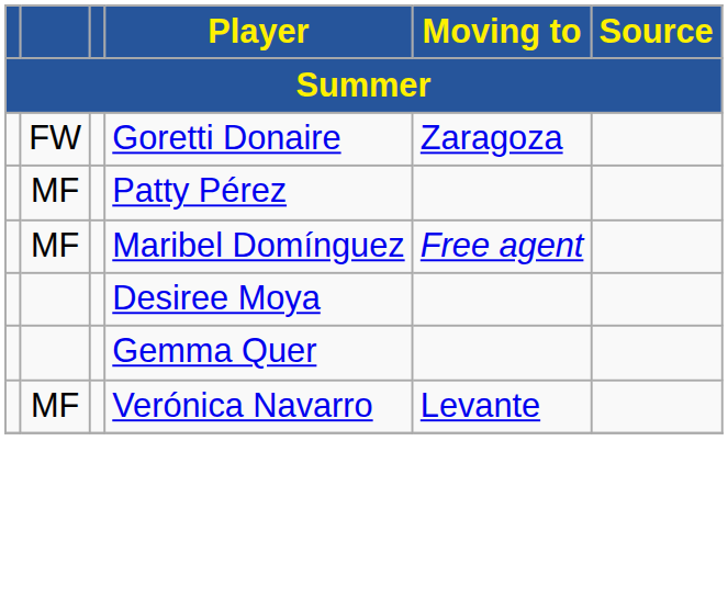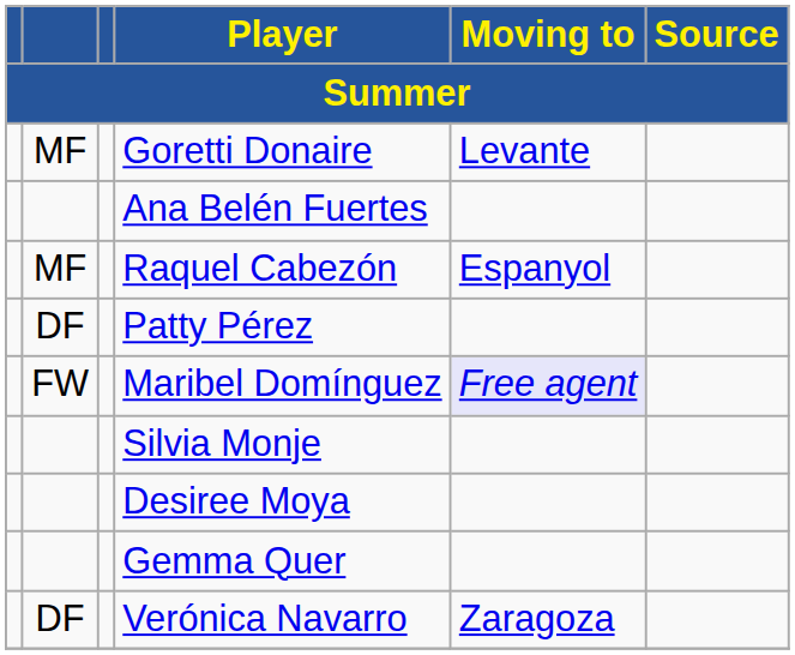 <table class="wikitable plainrowheaders sortable" style="text-align:center">
 <tr>
 <th style="background:#26559B; color:#FFF000; "></th>
 <th style="background:#26559B; color:#FFF000; "></th>
 <th style="background:#26559B; color:#FFF000; "></th>
 <th style="background:#26559B; color:#FFF000; ">Player</th>
 <th style="background:#26559B; color:#FFF000; ">Moving to</th>
 <th style="background:#26559B; color:#FFF000; ">Source</th>
 </tr>
 <tr>
 <th colspan="6" style="background:#26559B; color:#FFF000; ">Summer</th>
 </tr>
 <tr>
 <td></td>
-<td>FW</td>
+<td>MF</td>
 <td></td>
 <td align="left"><a href='#'>Goretti Donaire</a></td>
-<td align="left"><a href='#'>Zaragoza</a></td>
+<td align="left"><a href='#'>Levante</a></td>
+<td></td>
+</tr>
+<tr>
+<td></td>
+<td></td>
+<td></td>
+<td align="left"><a href='#'>Ana Belén Fuertes</a></td>
+<td align="left"></td>
 <td></td>
 </tr>
 <tr>
 <td></td>
 <td>MF</td>
+<td></td>
+<td align="left"><a href='#'>Raquel Cabezón</a></td>
+<td align="left"><a href='#'>Espanyol</a></td>
+<td></td>
+</tr>
+<tr>
+<td></td>
+<td>DF</td>
 <td></td>
 <td align="left"><a href='#'>Patty Pérez</a></td>
 <td align="left"></td>
 <td></td>
 </tr>
 <tr>
 <td></td>
-<td>MF</td>
+<td>FW</td>
 <td></td>
 <td align="left"><a href='#'>Maribel Domínguez</a></td>
-<td align="left"><em><a href='#'>Free agent</a></em></td>
+<td align="left" style="background: lavender;"><em><a href='#'>Free agent</a></em></td>
+<td></td>
+</tr>
+<tr>
+<td></td>
+<td></td>
+<td></td>
+<td align="left"><a href='#'>Silvia Monje</a></td>
+<td align="left"></td>
 <td></td>
 </tr>
 <tr>
 <td></td>
 <td></td>
 <td></td>
 <td align="left"><a href='#'>Desiree Moya</a></td>
 <td align="left"></td>
 <td></td>
 </tr>
 <tr>
 <td></td>
 <td></td>
 <td></td>
 <td align="left"><a href='#'>Gemma Quer</a></td>
 <td align="left"></td>
 <td></td>
 </tr>
 <tr>
 <td></td>
-<td>MF</td>
+<td>DF</td>
 <td></td>
 <td align="left"><a href='#'>Verónica Navarro</a></td>
-<td align="left"><a href='#'>Levante</a></td>
+<td align="left"><a href='#'>Zaragoza</a></td>
 <td></td>
 </tr>
 <tr>
 </tr>
 </table>
